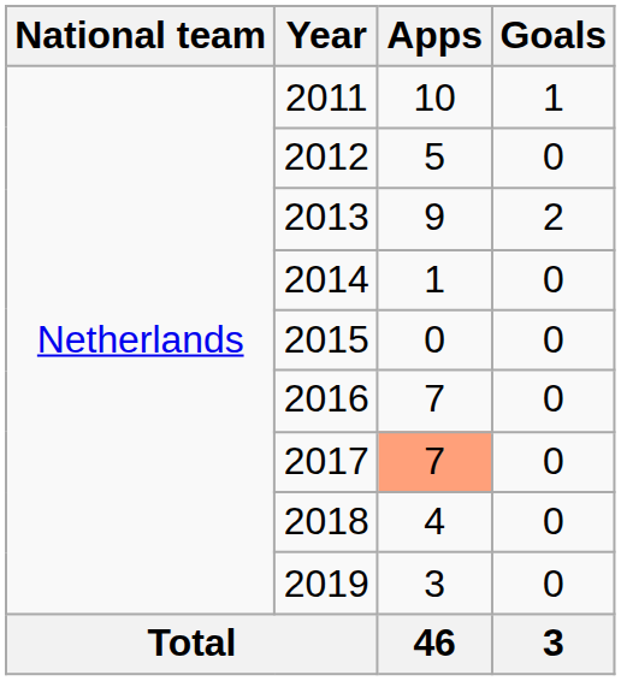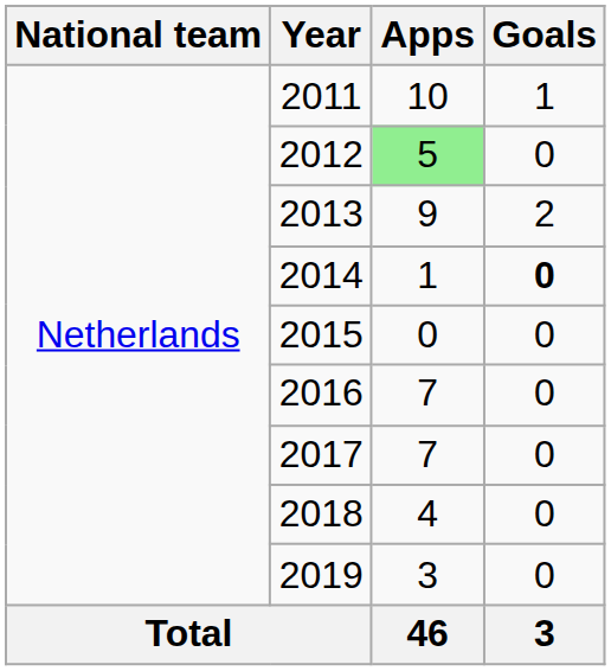 <table class="wikitable" style="text-align:center">
 <tr>
 <th>National team</th>
 <th>Year</th>
 <th>Apps</th>
 <th>Goals</th>
 </tr>
 <tr>
 <td rowspan=9><a href='#'>Netherlands</a></td>
 <td>2011</td>
 <td>10</td>
 <td>1</td>
 </tr>
 <tr>
 <td>2012</td>
-<td>5</td>
+<td style="background: lightgreen;">5</td>
 <td>0</td>
 </tr>
 <tr>
 <td>2013</td>
 <td>9</td>
 <td>2</td>
 </tr>
 <tr>
 <td>2014</td>
 <td>1</td>
-<td>0</td>
+<td><strong>0</strong></td>
 </tr>
 <tr>
 <td>2015</td>
 <td>0</td>
 <td>0</td>
 </tr>
 <tr>
 <td>2016</td>
 <td>7</td>
 <td>0</td>
 </tr>
 <tr>
 <td>2017</td>
-<td style="background: lightsalmon;">7</td>
+<td>7</td>
 <td>0</td>
 </tr>
 <tr>
 <td>2018</td>
 <td>4</td>
 <td>0</td>
 </tr>
 <tr>
 <td>2019</td>
 <td>3</td>
 <td>0</td>
 </tr>
 <tr>
 <th colspan=2>Total</th>
 <th>46</th>
 <th>3</th>
 </tr>
 </table>
